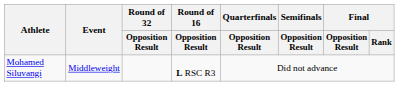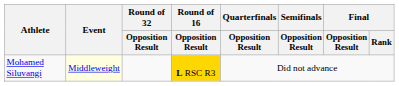 <table class="wikitable" style="font-size:90%">
 <tr>
 <th rowspan="2">Athlete</th>
 <th rowspan="2">Event</th>
 <th>Round of 32</th>
 <th>Round of 16</th>
 <th>Quarterfinals</th>
 <th>Semifinals</th>
 <th colspan=2>Final</th>
 </tr>
 <tr style="font-size:95%">
 <th>Opposition<br>Result</th>
 <th>Opposition<br>Result</th>
 <th>Opposition<br>Result</th>
 <th>Opposition<br>Result</th>
 <th>Opposition<br>Result</th>
 <th>Rank</th>
 </tr>
 <tr align=center>
 <td align=left><a href='#'>Mohamed Siluvangi</a></td>
-<td align=left><a href='#'>Middleweight</a></td>
+<td align=left style="background: lightyellow;"><a href='#'>Middleweight</a></td>
 <td></td>
-<td><br><strong>L</strong> RSC R3</td>
+<td style="background: gold;"><br><strong>L</strong> RSC R3</td>
 <td colspan=4>Did not advance</td>
 </tr>
 </table>
